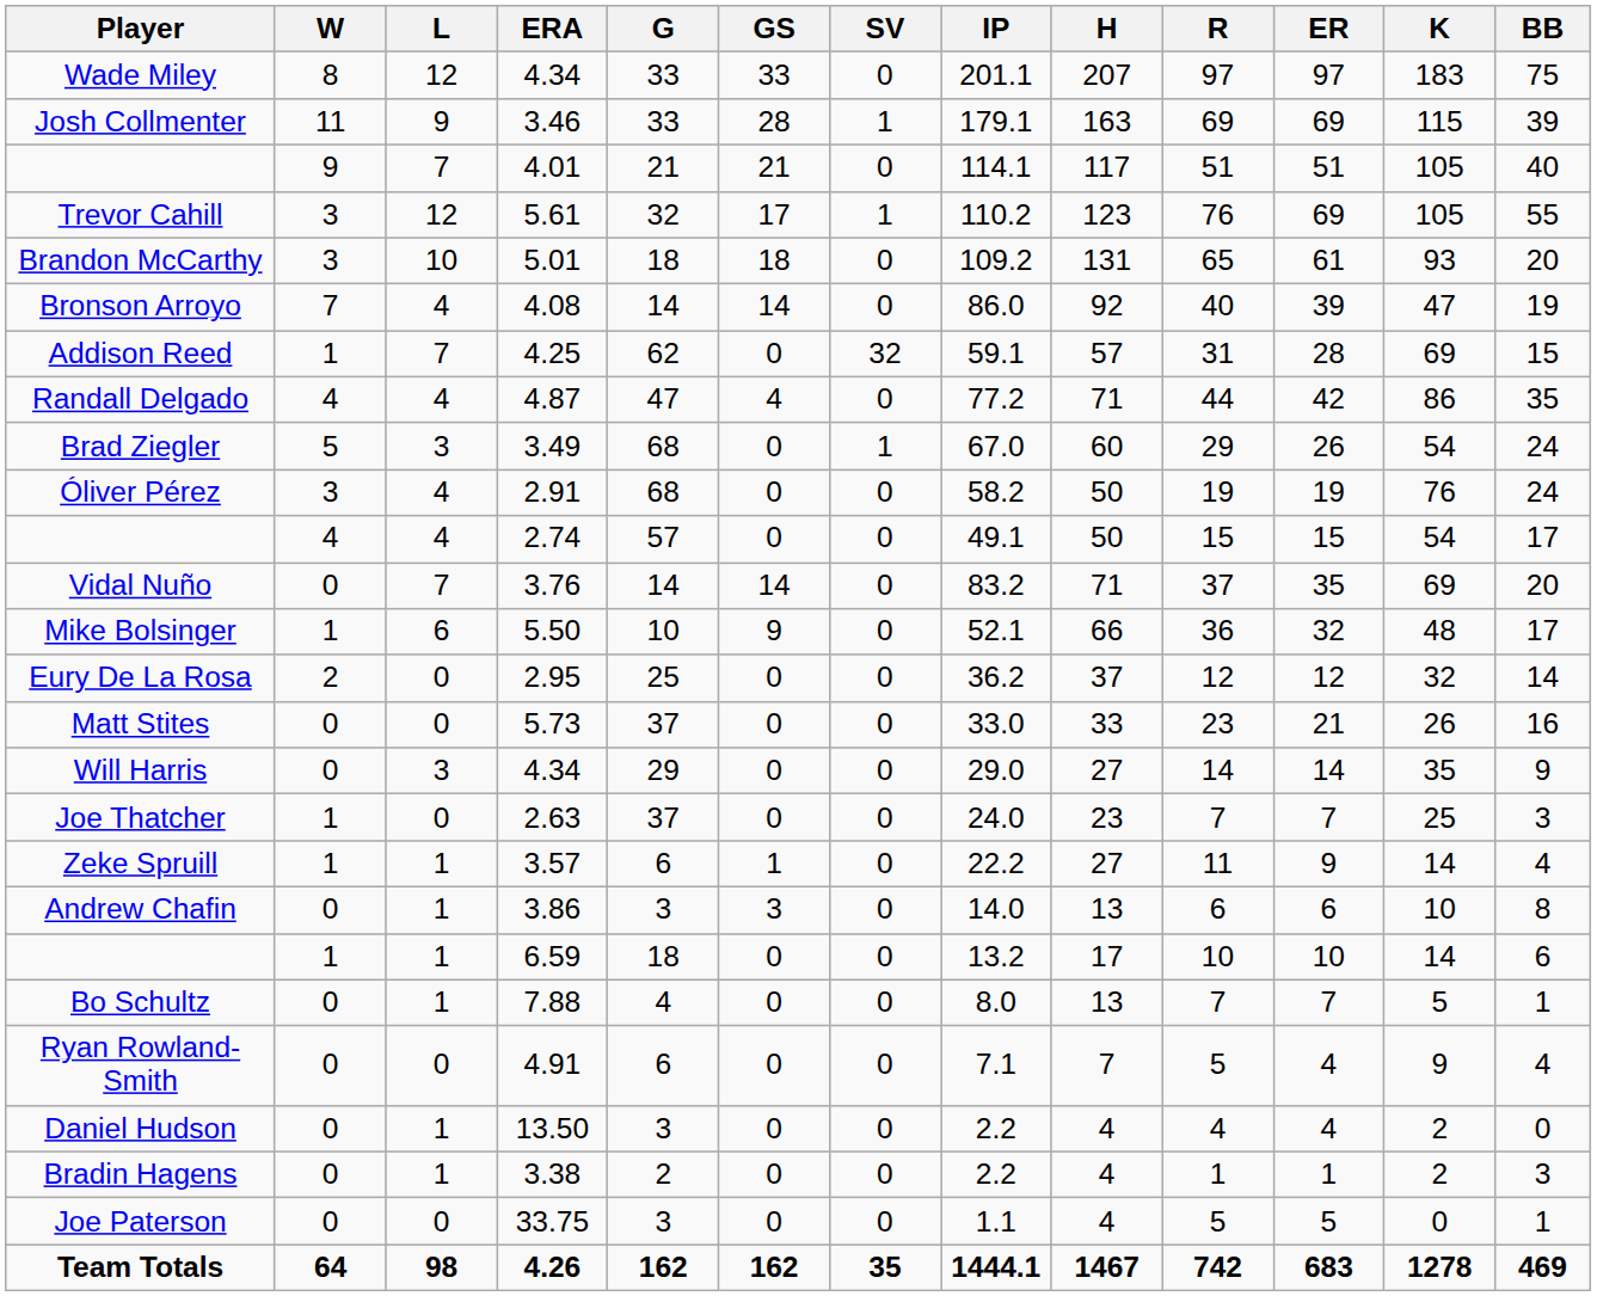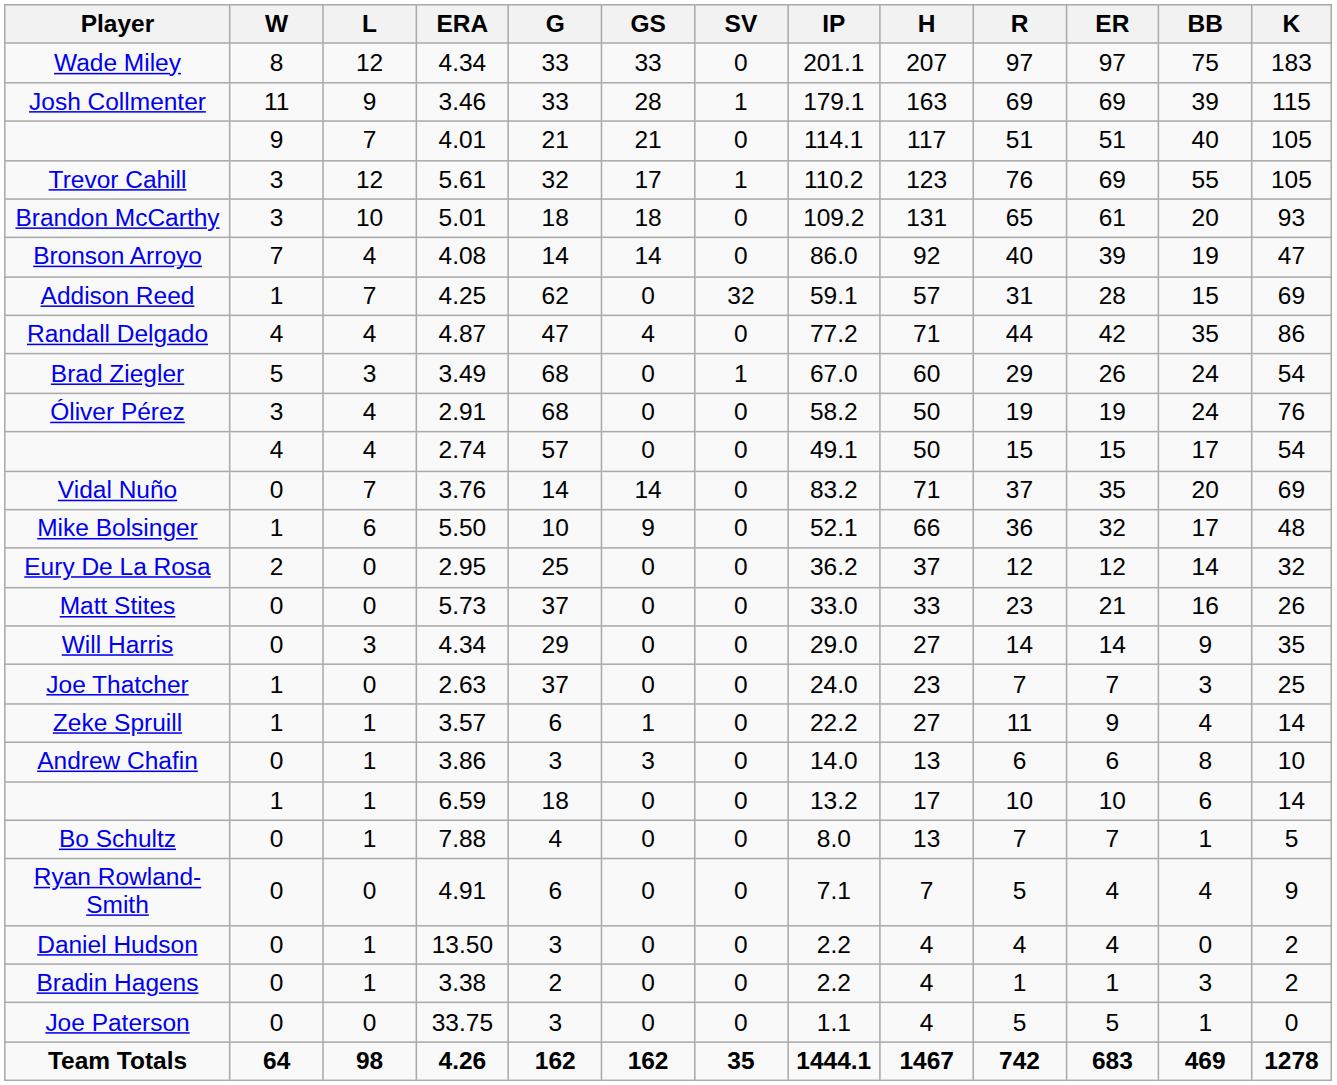 <table class="wikitable sortable" style="text-align:center; border:1; cellpadding:2; cellspacing:0;">
 <tr>
 <th bgcolor="#DDDDFF" width="17%">Player</th>
 <th bgcolor="#DDDDFF" width="7%">W</th>
 <th bgcolor="#DDDDFF" width="7%">L</th>
 <th bgcolor="#DDDDFF" width="7%">ERA</th>
 <th bgcolor="#DDDDFF" width="7%">G</th>
 <th bgcolor="#DDDDFF" width="7%">GS</th>
 <th bgcolor="#DDDDFF" width="7%">SV</th>
 <th bgcolor="#DDDDFF" width="7%">IP</th>
 <th bgcolor="#DDDDFF" width="7%">H</th>
 <th bgcolor="#DDDDFF" width="7%">R</th>
 <th bgcolor="#DDDDFF" width="7%">ER</th>
+<th bgcolor="#DDDDFF" width="7%">BB</th>
 <th bgcolor="#DDDDFF" width="7%">K</th>
-<th bgcolor="#DDDDFF" width="7%">BB</th>
 </tr>
 <tr style="text-align:center;">
 <td><a href='#'>Wade Miley</a></td>
 <td>8</td>
 <td>12</td>
 <td>4.34</td>
 <td>33</td>
 <td>33</td>
 <td>0</td>
 <td>201.1</td>
 <td>207</td>
 <td>97</td>
 <td>97</td>
+<td>75</td>
 <td>183</td>
-<td>75</td>
 </tr>
 <tr align=center>
 <td><a href='#'>Josh Collmenter</a></td>
 <td>11</td>
 <td>9</td>
 <td>3.46</td>
 <td>33</td>
 <td>28</td>
 <td>1</td>
 <td>179.1</td>
 <td>163</td>
 <td>69</td>
 <td>69</td>
+<td>39</td>
 <td>115</td>
-<td>39</td>
 </tr>
 <tr align=center>
 <td></td>
 <td>9</td>
 <td>7</td>
 <td>4.01</td>
 <td>21</td>
 <td>21</td>
 <td>0</td>
 <td>114.1</td>
 <td>117</td>
 <td>51</td>
 <td>51</td>
+<td>40</td>
 <td>105</td>
-<td>40</td>
 </tr>
 <tr align=center>
 <td><a href='#'>Trevor Cahill</a></td>
 <td>3</td>
 <td>12</td>
 <td>5.61</td>
 <td>32</td>
 <td>17</td>
 <td>1</td>
 <td>110.2</td>
 <td>123</td>
 <td>76</td>
 <td>69</td>
+<td>55</td>
 <td>105</td>
-<td>55</td>
 </tr>
 <tr style="text-align:center;">
 <td><a href='#'>Brandon McCarthy</a></td>
 <td>3</td>
 <td>10</td>
 <td>5.01</td>
 <td>18</td>
 <td>18</td>
 <td>0</td>
 <td>109.2</td>
 <td>131</td>
 <td>65</td>
 <td>61</td>
+<td>20</td>
 <td>93</td>
-<td>20</td>
 </tr>
 <tr align=center>
 <td><a href='#'>Bronson Arroyo</a></td>
 <td>7</td>
 <td>4</td>
 <td>4.08</td>
 <td>14</td>
 <td>14</td>
 <td>0</td>
 <td>86.0</td>
 <td>92</td>
 <td>40</td>
 <td>39</td>
+<td>19</td>
 <td>47</td>
-<td>19</td>
 </tr>
 <tr align=center>
 <td><a href='#'>Addison Reed</a></td>
 <td>1</td>
 <td>7</td>
 <td>4.25</td>
 <td>62</td>
 <td>0</td>
 <td>32</td>
 <td>59.1</td>
 <td>57</td>
 <td>31</td>
 <td>28</td>
+<td>15</td>
 <td>69</td>
-<td>15</td>
 </tr>
 <tr align=center>
 <td><a href='#'>Randall Delgado</a></td>
 <td>4</td>
 <td>4</td>
 <td>4.87</td>
 <td>47</td>
 <td>4</td>
 <td>0</td>
 <td>77.2</td>
 <td>71</td>
 <td>44</td>
 <td>42</td>
+<td>35</td>
 <td>86</td>
-<td>35</td>
 </tr>
 <tr align=center>
 <td><a href='#'>Brad Ziegler</a></td>
 <td>5</td>
 <td>3</td>
 <td>3.49</td>
 <td>68</td>
 <td>0</td>
 <td>1</td>
 <td>67.0</td>
 <td>60</td>
 <td>29</td>
 <td>26</td>
+<td>24</td>
 <td>54</td>
-<td>24</td>
 </tr>
 <tr align=center>
 <td><a href='#'>Óliver Pérez</a></td>
 <td>3</td>
 <td>4</td>
 <td>2.91</td>
 <td>68</td>
 <td>0</td>
 <td>0</td>
 <td>58.2</td>
 <td>50</td>
 <td>19</td>
 <td>19</td>
+<td>24</td>
 <td>76</td>
-<td>24</td>
 </tr>
 <tr align=center>
 <td></td>
 <td>4</td>
 <td>4</td>
 <td>2.74</td>
 <td>57</td>
 <td>0</td>
 <td>0</td>
 <td>49.1</td>
 <td>50</td>
 <td>15</td>
 <td>15</td>
+<td>17</td>
 <td>54</td>
-<td>17</td>
 </tr>
 <tr style="text-align:center;">
 <td><a href='#'>Vidal Nuño</a></td>
 <td>0</td>
 <td>7</td>
 <td>3.76</td>
 <td>14</td>
 <td>14</td>
 <td>0</td>
 <td>83.2</td>
 <td>71</td>
 <td>37</td>
 <td>35</td>
+<td>20</td>
 <td>69</td>
-<td>20</td>
 </tr>
 <tr align=center>
 <td><a href='#'>Mike Bolsinger</a></td>
 <td>1</td>
 <td>6</td>
 <td>5.50</td>
 <td>10</td>
 <td>9</td>
 <td>0</td>
 <td>52.1</td>
 <td>66</td>
 <td>36</td>
 <td>32</td>
+<td>17</td>
 <td>48</td>
-<td>17</td>
 </tr>
 <tr align=center>
 <td><a href='#'>Eury De La Rosa</a></td>
 <td>2</td>
 <td>0</td>
 <td>2.95</td>
 <td>25</td>
 <td>0</td>
 <td>0</td>
 <td>36.2</td>
 <td>37</td>
 <td>12</td>
 <td>12</td>
+<td>14</td>
 <td>32</td>
-<td>14</td>
 </tr>
 <tr align=center>
 <td><a href='#'>Matt Stites</a></td>
 <td>0</td>
 <td>0</td>
 <td>5.73</td>
 <td>37</td>
 <td>0</td>
 <td>0</td>
 <td>33.0</td>
 <td>33</td>
 <td>23</td>
 <td>21</td>
+<td>16</td>
 <td>26</td>
-<td>16</td>
 </tr>
 <tr align=center>
 <td><a href='#'>Will Harris</a></td>
 <td>0</td>
 <td>3</td>
 <td>4.34</td>
 <td>29</td>
 <td>0</td>
 <td>0</td>
 <td>29.0</td>
 <td>27</td>
 <td>14</td>
 <td>14</td>
+<td>9</td>
 <td>35</td>
-<td>9</td>
 </tr>
 <tr align=center>
 <td><a href='#'>Joe Thatcher</a></td>
 <td>1</td>
 <td>0</td>
 <td>2.63</td>
 <td>37</td>
 <td>0</td>
 <td>0</td>
 <td>24.0</td>
 <td>23</td>
 <td>7</td>
 <td>7</td>
+<td>3</td>
 <td>25</td>
-<td>3</td>
 </tr>
 <tr align=center>
 <td><a href='#'>Zeke Spruill</a></td>
 <td>1</td>
 <td>1</td>
 <td>3.57</td>
 <td>6</td>
 <td>1</td>
 <td>0</td>
 <td>22.2</td>
 <td>27</td>
 <td>11</td>
 <td>9</td>
+<td>4</td>
 <td>14</td>
-<td>4</td>
 </tr>
 <tr align=center>
 <td><a href='#'>Andrew Chafin</a></td>
 <td>0</td>
 <td>1</td>
 <td>3.86</td>
 <td>3</td>
 <td>3</td>
 <td>0</td>
 <td>14.0</td>
 <td>13</td>
 <td>6</td>
 <td>6</td>
+<td>8</td>
 <td>10</td>
-<td>8</td>
 </tr>
 <tr align=center>
 <td></td>
 <td>1</td>
 <td>1</td>
 <td>6.59</td>
 <td>18</td>
 <td>0</td>
 <td>0</td>
 <td>13.2</td>
 <td>17</td>
 <td>10</td>
 <td>10</td>
+<td>6</td>
 <td>14</td>
-<td>6</td>
 </tr>
 <tr align=center>
 <td><a href='#'>Bo Schultz</a></td>
 <td>0</td>
 <td>1</td>
 <td>7.88</td>
 <td>4</td>
 <td>0</td>
 <td>0</td>
 <td>8.0</td>
 <td>13</td>
 <td>7</td>
 <td>7</td>
+<td>1</td>
 <td>5</td>
-<td>1</td>
 </tr>
 <tr align=center>
 <td><a href='#'>Ryan Rowland-Smith</a></td>
 <td>0</td>
 <td>0</td>
 <td>4.91</td>
 <td>6</td>
 <td>0</td>
 <td>0</td>
 <td>7.1</td>
 <td>7</td>
 <td>5</td>
 <td>4</td>
+<td>4</td>
 <td>9</td>
-<td>4</td>
 </tr>
 <tr align=center>
 <td><a href='#'>Daniel Hudson</a></td>
 <td>0</td>
 <td>1</td>
 <td>13.50</td>
 <td>3</td>
 <td>0</td>
 <td>0</td>
 <td>2.2</td>
 <td>4</td>
 <td>4</td>
 <td>4</td>
+<td>0</td>
 <td>2</td>
-<td>0</td>
 </tr>
 <tr align=center>
 <td><a href='#'>Bradin Hagens</a></td>
 <td>0</td>
 <td>1</td>
 <td>3.38</td>
 <td>2</td>
 <td>0</td>
 <td>0</td>
 <td>2.2</td>
 <td>4</td>
 <td>1</td>
 <td>1</td>
+<td>3</td>
 <td>2</td>
-<td>3</td>
 </tr>
 <tr align=center>
 <td><a href='#'>Joe Paterson</a></td>
 <td>0</td>
 <td>0</td>
 <td>33.75</td>
 <td>3</td>
 <td>0</td>
 <td>0</td>
 <td>1.1</td>
 <td>4</td>
 <td>5</td>
 <td>5</td>
+<td>1</td>
 <td>0</td>
-<td>1</td>
 </tr>
 <tr align=center>
 <td><strong>Team Totals</strong></td>
 <td><strong>64</strong></td>
 <td><strong>98</strong></td>
 <td><strong>4.26</strong></td>
 <td><strong>162</strong></td>
 <td><strong>162</strong></td>
 <td><strong>35</strong></td>
 <td><strong>1444.1</strong></td>
 <td><strong>1467</strong></td>
 <td><strong>742</strong></td>
 <td><strong>683</strong></td>
+<td><strong>469</strong></td>
 <td><strong>1278</strong></td>
-<td><strong>469</strong></td>
 </tr>
 </table>
